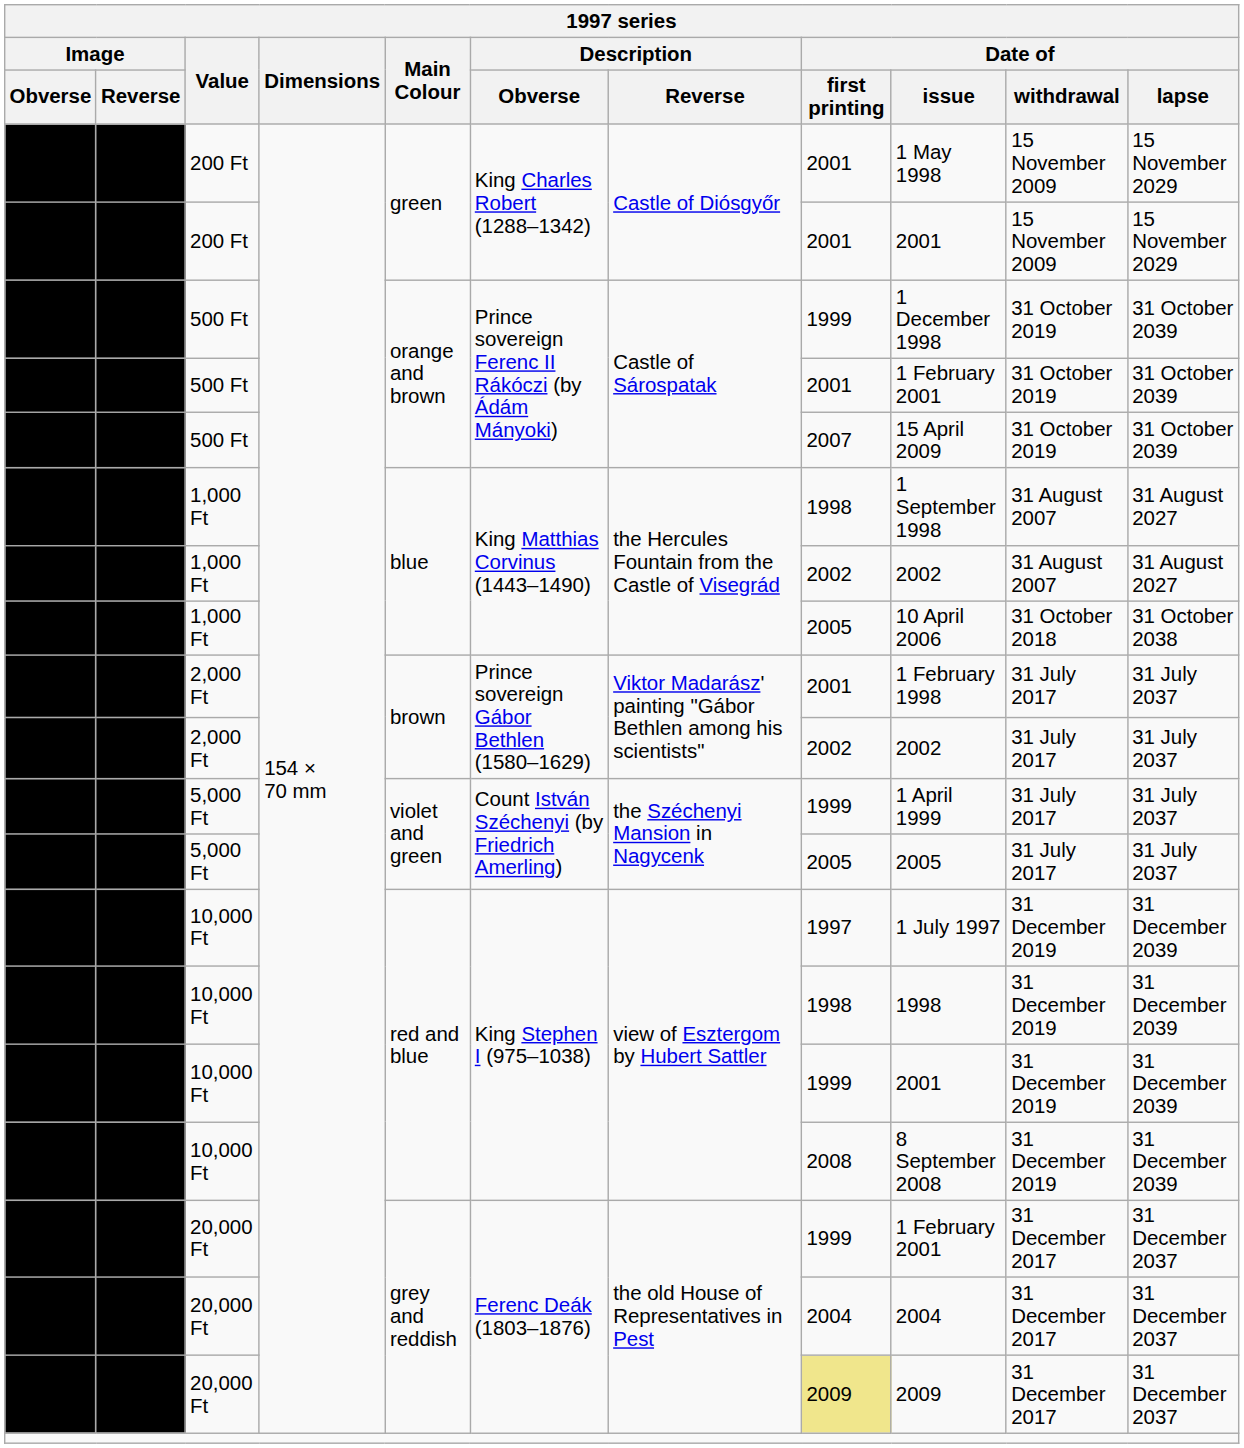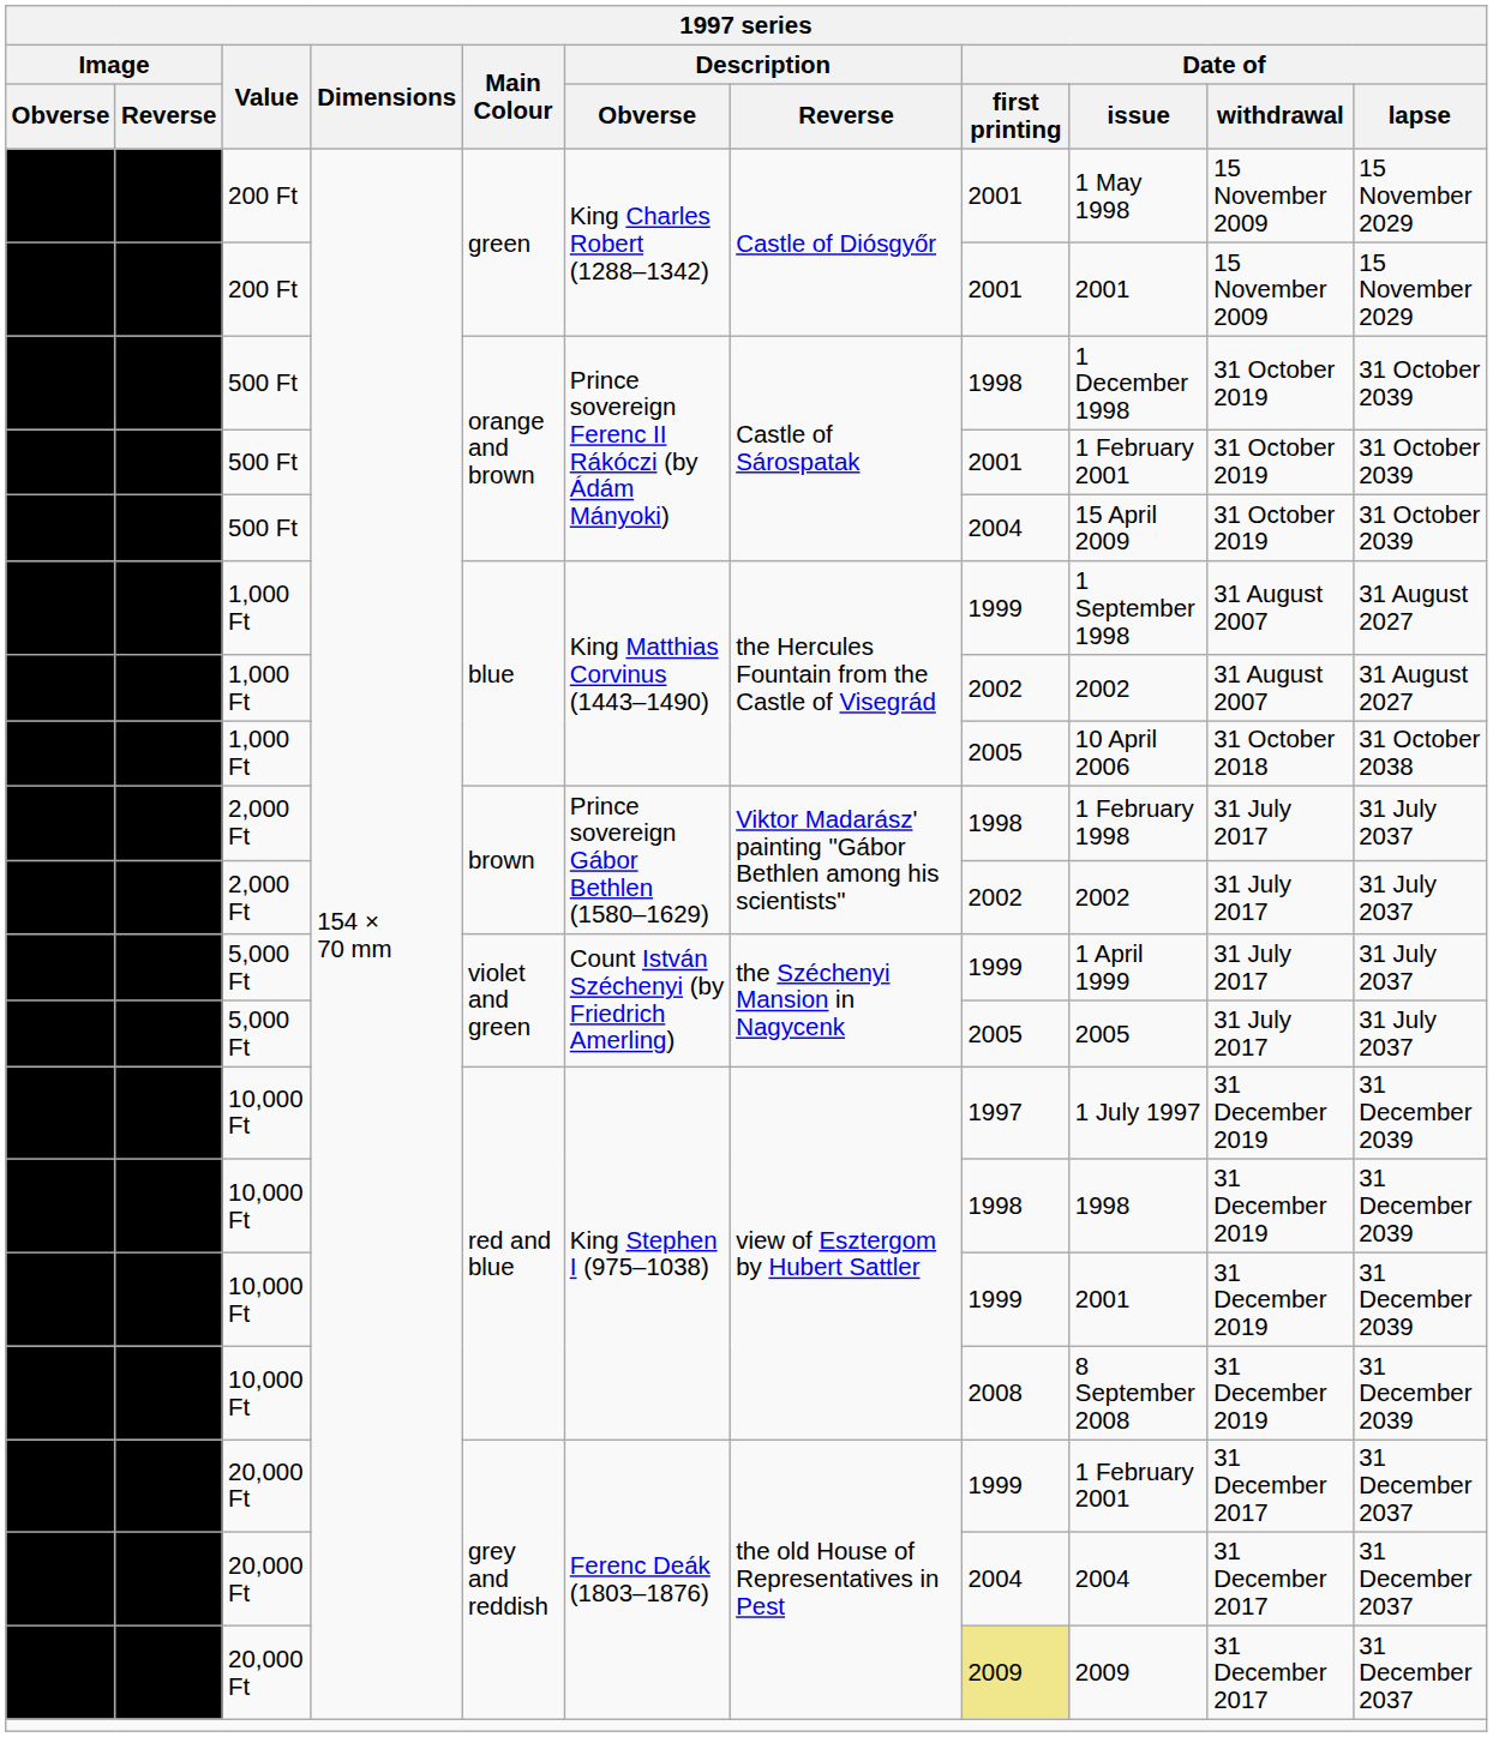 <table class="wikitable" style="font-size: 90%">
 <tr>
 <th colspan="11">1997 series</th>
 </tr>
 <tr>
 <th colspan="2">Image</th>
 <th rowspan="2">Value</th>
 <th rowspan="2">Dimensions</th>
 <th rowspan="2">Main Colour</th>
 <th colspan="2">Description</th>
 <th colspan="4">Date of</th>
 </tr>
 <tr>
 <th>Obverse</th>
 <th>Reverse</th>
 <th>Obverse</th>
 <th>Reverse</th>
 <th>first printing</th>
 <th>issue</th>
 <th>withdrawal</th>
 <th>lapse</th>
 </tr>
 <tr>
 <td align="center" bgcolor="#000000"></td>
 <td align="center" bgcolor="#000000"></td>
 <td>200 Ft</td>
 <td rowspan="19">154 × 70 mm</td>
 <td rowspan="2">green</td>
 <td rowspan="2">King <a href='#'>Charles Robert</a> (1288–1342)</td>
 <td rowspan="2"><a href='#'>Castle of Diósgyőr</a></td>
 <td>2001</td>
 <td>1 May 1998</td>
 <td>15 November 2009</td>
 <td>15 November 2029</td>
 </tr>
 <tr>
 <td align="center" bgcolor="#000000"></td>
 <td align="center" bgcolor="#000000"></td>
 <td>200 Ft</td>
 <td>2001</td>
 <td>2001</td>
 <td>15 November 2009</td>
 <td>15 November 2029</td>
 </tr>
 <tr>
 <td align="center" bgcolor="#000000"></td>
 <td align="center" bgcolor="#000000"></td>
 <td>500 Ft</td>
 <td rowspan="3">orange and brown</td>
 <td rowspan="3">Prince sovereign <a href='#'>Ferenc II Rákóczi</a> (by <a href='#'>Ádám Mányoki</a>)</td>
 <td rowspan="3">Castle of <a href='#'>Sárospatak</a></td>
-<td>1999</td>
+<td>1998</td>
 <td>1 December 1998</td>
 <td>31 October 2019</td>
 <td>31 October 2039</td>
 </tr>
 <tr>
 <td align="center" bgcolor="#000000"></td>
 <td align="center" bgcolor="#000000"></td>
 <td>500 Ft</td>
 <td>2001</td>
 <td>1 February 2001</td>
 <td>31 October 2019</td>
 <td>31 October 2039</td>
 </tr>
 <tr>
 <td align="center" bgcolor="#000000"></td>
 <td align="center" bgcolor="#000000"></td>
 <td>500 Ft</td>
-<td>2007</td>
+<td>2004</td>
 <td>15 April 2009</td>
 <td>31 October 2019</td>
 <td>31 October 2039</td>
 </tr>
 <tr>
 <td align="center" bgcolor="#000000"></td>
 <td align="center" bgcolor="#000000"></td>
 <td>1,000 Ft</td>
 <td rowspan="3">blue</td>
 <td rowspan="3">King <a href='#'>Matthias Corvinus</a> (1443–1490)</td>
 <td rowspan="3">the Hercules Fountain from the Castle of <a href='#'>Visegrád</a></td>
-<td>1998</td>
+<td>1999</td>
 <td>1 September 1998</td>
 <td>31 August 2007</td>
 <td>31 August 2027</td>
 </tr>
 <tr>
 <td align="center" bgcolor="#000000"></td>
 <td align="center" bgcolor="#000000"></td>
 <td>1,000 Ft</td>
 <td>2002</td>
 <td>2002</td>
 <td>31 August 2007</td>
 <td>31 August 2027</td>
 </tr>
 <tr>
 <td align="center" bgcolor="#000000"></td>
 <td align="center" bgcolor="#000000"></td>
 <td>1,000 Ft</td>
 <td>2005</td>
 <td>10 April 2006</td>
 <td>31 October 2018</td>
 <td>31 October 2038</td>
 </tr>
 <tr>
 <td align="center" bgcolor="#000000"></td>
 <td align="center" bgcolor="#000000"></td>
 <td>2,000 Ft</td>
 <td rowspan="2">brown</td>
 <td rowspan="2">Prince sovereign <a href='#'>Gábor Bethlen</a> (1580–1629)</td>
 <td rowspan="2"><a href='#'>Viktor Madarász</a>' painting "Gábor Bethlen among his scientists"</td>
-<td>2001</td>
+<td>1998</td>
 <td>1 February 1998</td>
 <td>31 July 2017</td>
 <td>31 July 2037</td>
 </tr>
 <tr>
 <td align="center" bgcolor="#000000"></td>
 <td align="center" bgcolor="#000000"></td>
 <td>2,000 Ft</td>
 <td>2002</td>
 <td>2002</td>
 <td>31 July 2017</td>
 <td>31 July 2037</td>
 </tr>
 <tr>
 <td align="center" bgcolor="#000000"></td>
 <td align="center" bgcolor="#000000"></td>
 <td>5,000 Ft</td>
 <td rowspan="2">violet and green</td>
 <td rowspan="2">Count <a href='#'>István Széchenyi</a> (by <a href='#'>Friedrich Amerling</a>)</td>
 <td rowspan="2">the <a href='#'>Széchenyi Mansion</a> in <a href='#'>Nagycenk</a></td>
 <td>1999</td>
 <td>1 April 1999</td>
 <td>31 July 2017</td>
 <td>31 July 2037</td>
 </tr>
 <tr>
 <td align="center" bgcolor="#000000"></td>
 <td align="center" bgcolor="#000000"></td>
 <td>5,000 Ft</td>
 <td>2005</td>
 <td>2005</td>
 <td>31 July 2017</td>
 <td>31 July 2037</td>
 </tr>
 <tr>
 <td align="center" bgcolor="#000000"></td>
 <td align="center" bgcolor="#000000"></td>
 <td>10,000 Ft</td>
 <td rowspan="4">red and blue</td>
 <td rowspan="4">King <a href='#'>Stephen I</a> (975–1038)</td>
 <td rowspan="4">view of <a href='#'>Esztergom</a> by <a href='#'>Hubert Sattler</a></td>
 <td>1997</td>
 <td>1 July 1997</td>
 <td>31 December 2019</td>
 <td>31 December 2039</td>
 </tr>
 <tr>
 <td align="center" bgcolor="#000000"></td>
 <td align="center" bgcolor="#000000"></td>
 <td>10,000 Ft</td>
 <td>1998</td>
 <td>1998</td>
 <td>31 December 2019</td>
 <td>31 December 2039</td>
 </tr>
 <tr>
 <td align="center" bgcolor="#000000"></td>
 <td align="center" bgcolor="#000000"></td>
 <td>10,000 Ft</td>
 <td>1999</td>
 <td>2001</td>
 <td>31 December 2019</td>
 <td>31 December 2039</td>
 </tr>
 <tr>
 <td align="center" bgcolor="#000000"></td>
 <td align="center" bgcolor="#000000"></td>
 <td>10,000 Ft</td>
 <td>2008</td>
 <td>8 September 2008</td>
 <td>31 December 2019</td>
 <td>31 December 2039</td>
 </tr>
 <tr>
 <td align="center" bgcolor="#000000"></td>
 <td align="center" bgcolor="#000000"></td>
 <td>20,000 Ft</td>
 <td rowspan="3">grey and reddish</td>
 <td rowspan="3"><a href='#'>Ferenc Deák</a> (1803–1876)</td>
 <td rowspan="3">the old House of Representatives in <a href='#'>Pest</a></td>
 <td>1999</td>
 <td>1 February 2001</td>
 <td>31 December 2017</td>
 <td>31 December 2037</td>
 </tr>
 <tr>
 <td align="center" bgcolor="#000000"></td>
 <td align="center" bgcolor="#000000"></td>
 <td>20,000 Ft</td>
 <td>2004</td>
 <td>2004</td>
 <td>31 December 2017</td>
 <td>31 December 2037</td>
 </tr>
 <tr>
 <td align="center" bgcolor="#000000"></td>
 <td align="center" bgcolor="#000000"></td>
 <td>20,000 Ft</td>
 <td style="background: khaki;">2009</td>
 <td>2009</td>
 <td>31 December 2017</td>
 <td>31 December 2037</td>
 </tr>
 <tr>
 <td colspan="11"></td>
 </tr>
 </table>
